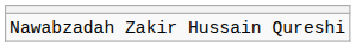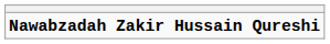 <table class="wikitable">
 <tr>
 <th></th>
 </tr>
 <tr>
-<td>Nawabzadah Zakir Hussain Qureshi</td>
+<td><strong>Nawabzadah Zakir Hussain Qureshi</strong></td>
 </tr>
 </table>
